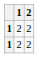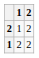 <table class=wikitable style="text-align: center;">
 <tr>
 <th></th>
 <th>1</th>
 <th>2</th>
 </tr>
 <tr>
-<th>1</th>
-<td>2</td>
+<th>2</th>
+<td>1</td>
 <td>2</td>
 </tr>
 <tr>
 <th>1</th>
 <td>2</td>
 <td>2</td>
 </tr>
 </table>
